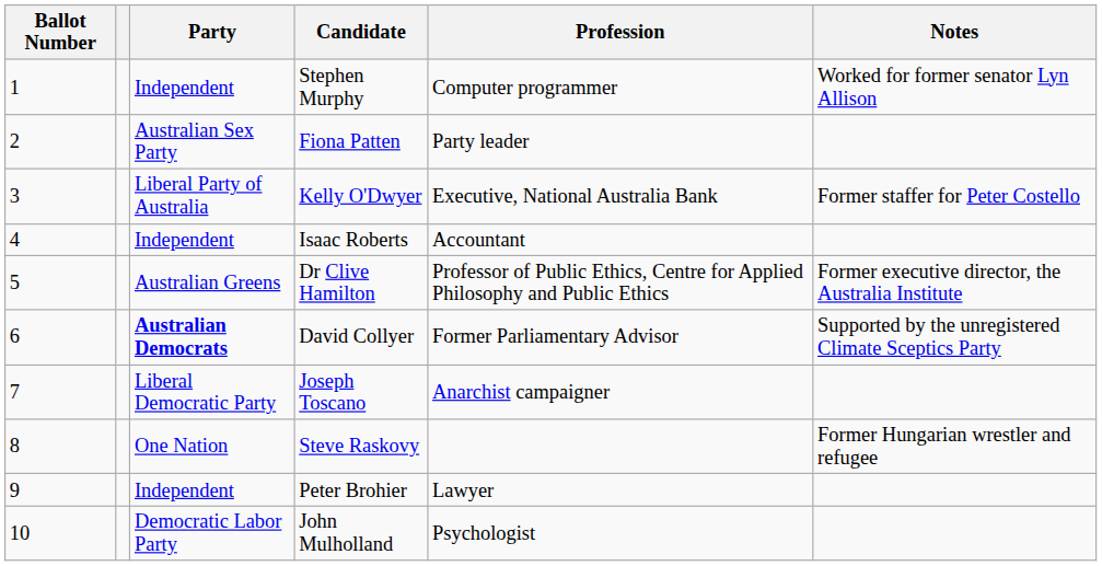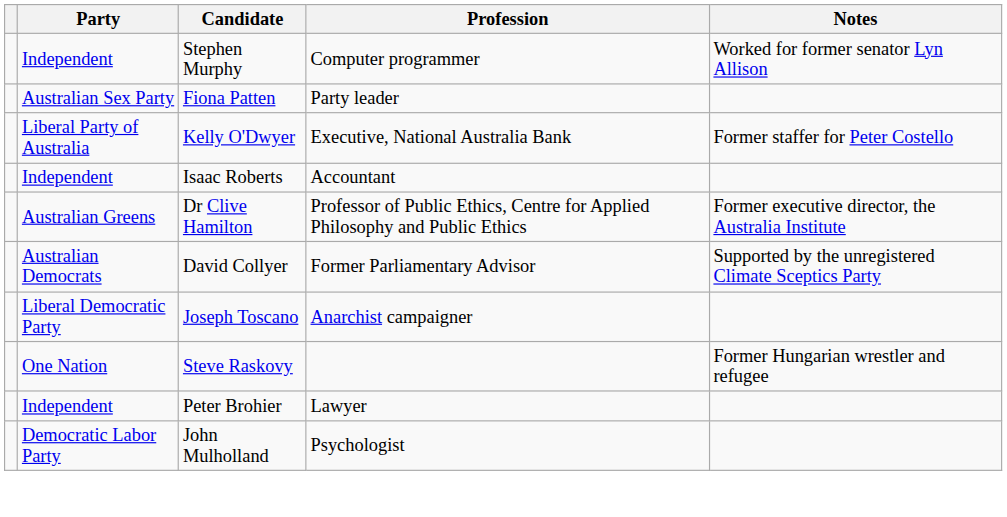 <table class="wikitable">
 <tr>
-<th !colspan="2">Ballot Number</th>
 <th></th>
 <th>Party</th>
 <th>Candidate</th>
 <th>Profession</th>
 <th>Notes</th>
 </tr>
 <tr>
-<td>1</td>
 <td> </td>
 <td><a href='#'>Independent</a></td>
 <td>Stephen Murphy</td>
 <td>Computer programmer</td>
 <td>Worked for former senator <a href='#'>Lyn Allison</a></td>
 </tr>
 <tr>
-<td>2</td>
 <td> </td>
 <td><a href='#'>Australian Sex Party</a></td>
 <td><a href='#'>Fiona Patten</a></td>
 <td>Party leader</td>
 <td></td>
 </tr>
 <tr>
-<td>3</td>
 <td> </td>
 <td><a href='#'>Liberal Party of Australia</a></td>
 <td><a href='#'>Kelly O'Dwyer</a></td>
 <td>Executive, National Australia Bank</td>
 <td>Former staffer for <a href='#'>Peter Costello</a></td>
 </tr>
 <tr>
-<td>4</td>
 <td> </td>
 <td><a href='#'>Independent</a></td>
 <td>Isaac Roberts</td>
 <td>Accountant</td>
 <td></td>
 </tr>
 <tr>
-<td>5</td>
 <td> </td>
 <td><a href='#'>Australian Greens</a></td>
 <td>Dr <a href='#'>Clive Hamilton</a></td>
 <td>Professor of Public Ethics, Centre for Applied Philosophy and Public Ethics</td>
 <td>Former executive director, the <a href='#'>Australia Institute</a></td>
 </tr>
 <tr>
-<td>6</td>
 <td> </td>
-<td><strong><a href='#'>Australian Democrats</a></strong></td>
+<td><a href='#'>Australian Democrats</a></td>
 <td>David Collyer</td>
 <td>Former Parliamentary Advisor</td>
 <td>Supported by the unregistered <a href='#'>Climate Sceptics Party</a></td>
 </tr>
 <tr>
-<td>7</td>
 <td> </td>
 <td><a href='#'>Liberal Democratic Party</a></td>
 <td><a href='#'>Joseph Toscano</a></td>
 <td><a href='#'>Anarchist</a> campaigner</td>
 <td></td>
 </tr>
 <tr>
-<td>8</td>
 <td> </td>
 <td><a href='#'>One Nation</a></td>
 <td><a href='#'>Steve Raskovy</a></td>
 <td></td>
 <td>Former Hungarian wrestler and refugee</td>
 </tr>
 <tr>
-<td>9</td>
 <td> </td>
 <td><a href='#'>Independent</a></td>
 <td>Peter Brohier</td>
 <td>Lawyer</td>
 <td></td>
 </tr>
 <tr>
-<td>10</td>
 <td> </td>
 <td><a href='#'>Democratic Labor Party</a></td>
 <td>John Mulholland</td>
 <td>Psychologist</td>
 <td></td>
 </tr>
 </table>
